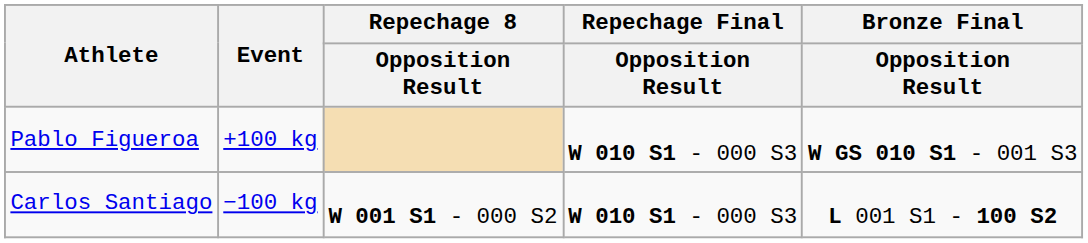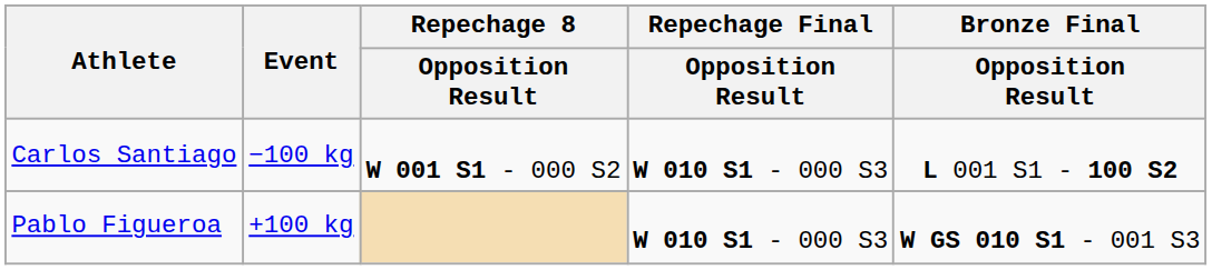 <table class="wikitable" style="font-size:90%">
 <tr>
 <th rowspan="2">Athlete</th>
 <th rowspan="2">Event</th>
 <th>Repechage 8</th>
 <th>Repechage Final</th>
 <th>Bronze Final</th>
 </tr>
 <tr>
 <th>Opposition<br>Result</th>
 <th>Opposition<br>Result</th>
 <th>Opposition<br>Result</th>
 </tr>
 <tr>
+<td><a href='#'>Carlos Santiago</a></td>
+<td><a href='#'>−100 kg</a></td>
+<td align=center><br><strong>W</strong> <strong>001 S1</strong> - 000 S2</td>
+<td align=center><br><strong>W</strong> <strong>010 S1</strong> - 000 S3</td>
+<td align=center><br><strong>L</strong> 001 S1 - <strong>100 S2</strong></td>
+</tr>
+<tr>
 <td><a href='#'>Pablo Figueroa</a></td>
 <td><a href='#'>+100 kg</a></td>
 <td align="center" bgcolor=wheat></td>
 <td align=center><br><strong>W</strong> <strong>010 S1</strong> - 000 S3</td>
 <td align=center><br><strong>W</strong> <strong>GS</strong> <strong>010 S1</strong> - 001 S3<br></td>
 </tr>
-<tr>
-<td><a href='#'>Carlos Santiago</a></td>
-<td><a href='#'>−100 kg</a></td>
-<td align=center><br><strong>W</strong> <strong>001 S1</strong> - 000 S2</td>
-<td align=center><br><strong>W</strong> <strong>010 S1</strong> - 000 S3</td>
-<td align=center><br><strong>L</strong> 001 S1 - <strong>100 S2</strong></td>
-</tr>
 </table>
